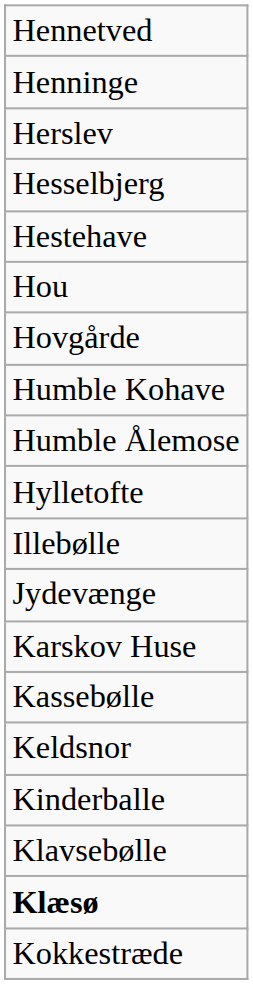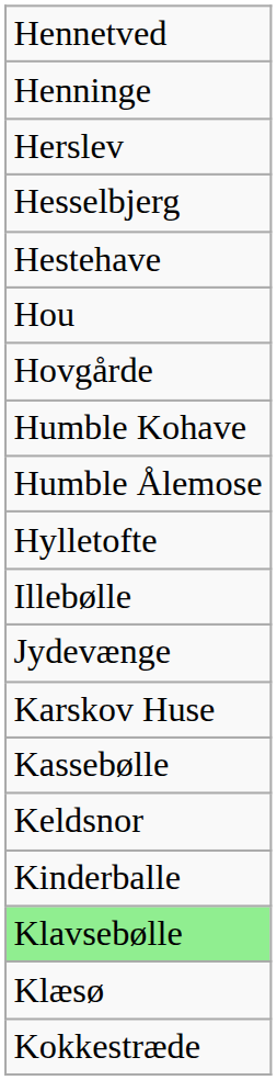 <table class="wikitable" style="float:left; margin-right:1em">
 <tr>
 <td>Hennetved</td>
 </tr>
 <tr>
 <td>Henninge</td>
 </tr>
 <tr>
 <td>Herslev</td>
 </tr>
 <tr>
 <td>Hesselbjerg</td>
 </tr>
 <tr>
 <td>Hestehave</td>
 </tr>
 <tr>
 <td>Hou</td>
 </tr>
 <tr>
 <td>Hovgårde</td>
 </tr>
 <tr>
 <td>Humble Kohave</td>
 </tr>
 <tr>
 <td>Humble Ålemose</td>
 </tr>
 <tr>
 <td>Hylletofte</td>
 </tr>
 <tr>
 <td>Illebølle</td>
 </tr>
 <tr>
 <td>Jydevænge</td>
 </tr>
 <tr>
 <td>Karskov Huse</td>
 </tr>
 <tr>
 <td>Kassebølle</td>
 </tr>
 <tr>
 <td>Keldsnor</td>
 </tr>
 <tr>
 <td>Kinderballe</td>
 </tr>
 <tr>
-<td>Klavsebølle</td>
+<td style="background: lightgreen;">Klavsebølle</td>
 </tr>
 <tr>
-<td><strong>Klæsø</strong></td>
+<td>Klæsø</td>
 </tr>
 <tr>
 <td>Kokkestræde</td>
 </tr>
 </table>
